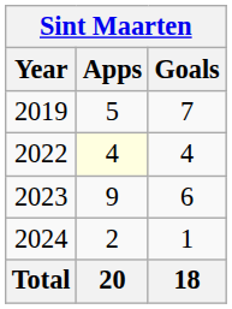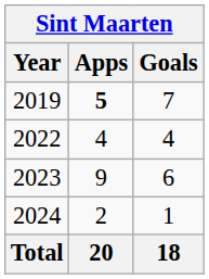 <table class="wikitable" style="text-align:center">
 <tr>
 <th colspan=3><a href='#'>Sint Maarten</a></th>
 </tr>
 <tr>
 <th>Year</th>
 <th>Apps</th>
 <th>Goals</th>
 </tr>
 <tr>
 <td>2019</td>
-<td>5</td>
+<td><strong>5</strong></td>
 <td>7</td>
 </tr>
 <tr>
 <td>2022</td>
-<td style="background: lightyellow;">4</td>
+<td>4</td>
 <td>4</td>
 </tr>
 <tr>
 <td>2023</td>
 <td>9</td>
 <td>6</td>
 </tr>
 <tr>
 <td>2024</td>
 <td>2</td>
 <td>1</td>
 </tr>
 <tr>
 <th>Total</th>
 <th>20</th>
 <th>18</th>
 </tr>
 </table>
